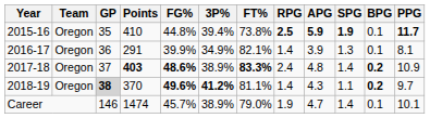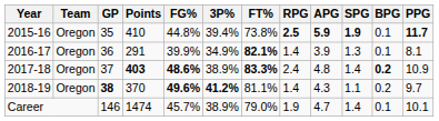 <table class="wikitable">
 <tr>
 <th>Year</th>
 <th>Team</th>
 <th>GP</th>
 <th>Points</th>
 <th>FG%</th>
 <th>3P%</th>
 <th>FT%</th>
 <th>RPG</th>
 <th>APG</th>
 <th>SPG</th>
 <th>BPG</th>
 <th>PPG</th>
 </tr>
 <tr>
 <td>2015-16</td>
 <td>Oregon</td>
 <td>35</td>
 <td>410</td>
 <td>44.8%</td>
 <td>39.4%</td>
 <td>73.8%</td>
 <td><strong>2.5</strong></td>
 <td><strong>5.9</strong></td>
 <td><strong>1.9</strong></td>
 <td>0.1</td>
 <td><strong>11.7</strong></td>
 </tr>
 <tr>
 <td>2016-17</td>
 <td>Oregon</td>
 <td>36</td>
 <td>291</td>
 <td>39.9%</td>
 <td>34.9%</td>
-<td>82.1%</td>
+<td><strong>82.1%</strong></td>
 <td>1.4</td>
 <td>3.9</td>
 <td>1.3</td>
 <td>0.1</td>
 <td>8.1</td>
 </tr>
 <tr>
 <td>2017-18</td>
 <td>Oregon</td>
 <td>37</td>
 <td><strong>403</strong></td>
 <td><strong>48.6%</strong></td>
 <td>38.9%</td>
 <td><strong>83.3%</strong></td>
 <td>2.4</td>
 <td>4.8</td>
 <td>1.4</td>
 <td><strong>0.2</strong></td>
 <td>10.9</td>
 </tr>
 <tr>
 <td>2018-19</td>
 <td>Oregon</td>
-<td style="background: lightgrey;"><strong>38</strong></td>
+<td><strong>38</strong></td>
 <td>370</td>
 <td><strong>49.6%</strong></td>
 <td><strong>41.2%</strong></td>
 <td>81.1%</td>
 <td>1.4</td>
 <td>4.3</td>
 <td>1.1</td>
-<td><strong>0.2</strong></td>
+<td>0.2</td>
 <td>9.7</td>
 </tr>
 <tr>
 <td colspan="2">Career</td>
 <td>146</td>
 <td>1474</td>
 <td>45.7%</td>
 <td>38.9%</td>
 <td>79.0%</td>
 <td>1.9</td>
 <td>4.7</td>
 <td>1.4</td>
 <td>0.1</td>
 <td>10.1</td>
 </tr>
 </table>
